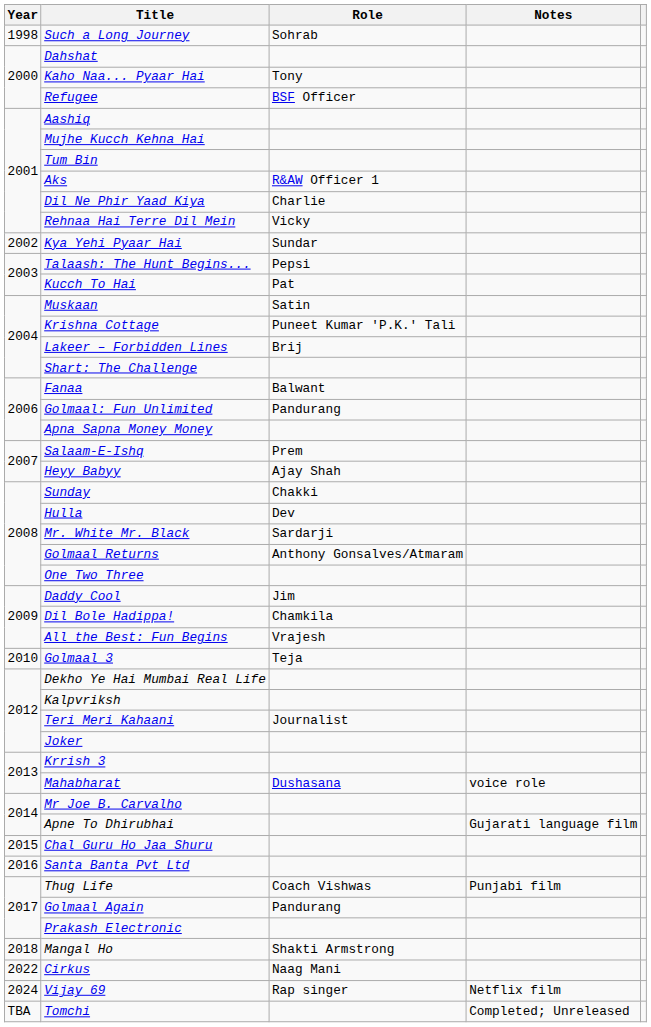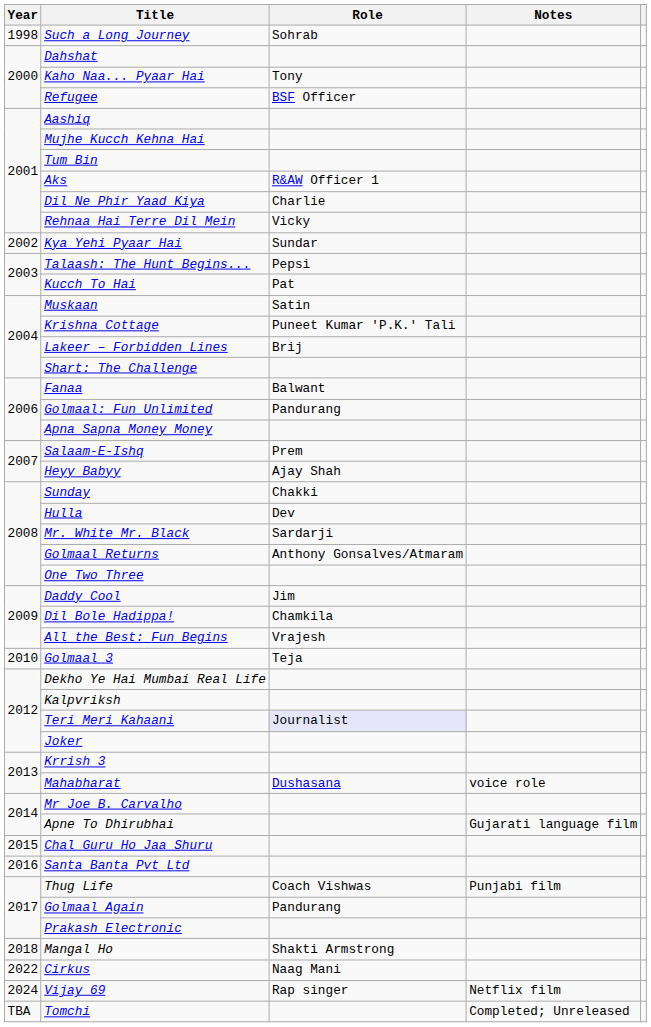 <table class="wikitable">
 <tr>
 <th>Year</th>
 <th>Title</th>
 <th>Role</th>
 <th>Notes</th>
 <th scope="col" class="unsortable" ></th>
 </tr>
 <tr>
 <td>1998</td>
 <td><em><a href='#'>Such a Long Journey</a></em></td>
 <td>Sohrab</td>
 <td></td>
 <td></td>
 </tr>
 <tr>
 <td rowspan="3">2000</td>
 <td><em><a href='#'>Dahshat</a></em></td>
 <td></td>
 <td></td>
 <td></td>
 </tr>
 <tr>
 <td><em><a href='#'>Kaho Naa... Pyaar Hai</a></em></td>
 <td>Tony</td>
 <td></td>
 <td></td>
 </tr>
 <tr>
 <td><em><a href='#'>Refugee</a></em></td>
 <td><a href='#'>BSF</a> Officer</td>
 <td></td>
 <td></td>
 </tr>
 <tr>
 <td rowspan="6">2001</td>
 <td><em><a href='#'>Aashiq</a></em></td>
 <td></td>
 <td></td>
 <td></td>
 </tr>
 <tr>
 <td><em><a href='#'>Mujhe Kucch Kehna Hai</a></em></td>
 <td></td>
 <td></td>
 <td></td>
 </tr>
 <tr>
 <td><em><a href='#'>Tum Bin</a></em></td>
 <td></td>
 <td></td>
 <td></td>
 </tr>
 <tr>
 <td><em><a href='#'>Aks</a></em></td>
 <td><a href='#'>R&AW</a> Officer 1</td>
 <td></td>
 <td></td>
 </tr>
 <tr>
 <td><em><a href='#'>Dil Ne Phir Yaad Kiya</a></em></td>
 <td>Charlie</td>
 <td></td>
 <td></td>
 </tr>
 <tr>
 <td><em><a href='#'>Rehnaa Hai Terre Dil Mein</a></em></td>
 <td>Vicky</td>
 <td></td>
 <td></td>
 </tr>
 <tr>
 <td>2002</td>
 <td><em><a href='#'>Kya Yehi Pyaar Hai</a></em></td>
 <td>Sundar</td>
 <td></td>
 <td></td>
 </tr>
 <tr>
 <td rowspan="2">2003</td>
 <td><em><a href='#'>Talaash: The Hunt Begins...</a></em></td>
 <td>Pepsi</td>
 <td></td>
 <td></td>
 </tr>
 <tr>
 <td><em><a href='#'>Kucch To Hai</a></em></td>
 <td>Pat</td>
 <td></td>
 <td></td>
 </tr>
 <tr>
 <td rowspan="4">2004</td>
 <td><em><a href='#'>Muskaan</a></em></td>
 <td>Satin</td>
 <td></td>
 <td></td>
 </tr>
 <tr>
 <td><em><a href='#'>Krishna Cottage</a></em></td>
 <td>Puneet Kumar 'P.K.' Tali</td>
 <td></td>
 <td></td>
 </tr>
 <tr>
 <td><em><a href='#'>Lakeer – Forbidden Lines</a></em></td>
 <td>Brij</td>
 <td></td>
 <td></td>
 </tr>
 <tr>
 <td><em><a href='#'>Shart: The Challenge</a></em></td>
 <td></td>
 <td></td>
 <td></td>
 </tr>
 <tr>
 <td rowspan="3">2006</td>
 <td><em><a href='#'>Fanaa</a></em></td>
 <td>Balwant</td>
 <td></td>
 <td></td>
 </tr>
 <tr>
 <td><em><a href='#'>Golmaal: Fun Unlimited</a></em></td>
 <td>Pandurang</td>
 <td></td>
 <td></td>
 </tr>
 <tr>
 <td><em><a href='#'>Apna Sapna Money Money</a></em></td>
 <td></td>
 <td></td>
 <td></td>
 </tr>
 <tr>
 <td rowspan="2">2007</td>
 <td><em><a href='#'>Salaam-E-Ishq</a></em></td>
 <td>Prem</td>
 <td></td>
 <td></td>
 </tr>
 <tr>
 <td><em><a href='#'>Heyy Babyy</a></em></td>
 <td>Ajay Shah</td>
 <td></td>
 <td></td>
 </tr>
 <tr>
 <td rowspan="5">2008</td>
 <td><em><a href='#'>Sunday</a></em></td>
 <td>Chakki</td>
 <td></td>
 <td></td>
 </tr>
 <tr>
 <td><em><a href='#'>Hulla</a></em></td>
 <td>Dev</td>
 <td></td>
 <td></td>
 </tr>
 <tr>
 <td><em><a href='#'>Mr. White Mr. Black</a></em></td>
 <td>Sardarji</td>
 <td></td>
 <td></td>
 </tr>
 <tr>
 <td><em><a href='#'>Golmaal Returns</a></em></td>
 <td>Anthony Gonsalves/Atmaram</td>
 <td></td>
 <td></td>
 </tr>
 <tr>
 <td><em><a href='#'>One Two Three</a></em></td>
 <td></td>
 <td></td>
 <td></td>
 </tr>
 <tr>
 <td rowspan="3">2009</td>
 <td><em><a href='#'>Daddy Cool</a></em></td>
 <td>Jim</td>
 <td></td>
 <td></td>
 </tr>
 <tr>
 <td><em><a href='#'>Dil Bole Hadippa!</a></em></td>
 <td>Chamkila</td>
 <td></td>
 </tr>
 <tr>
 <td><em><a href='#'>All the Best: Fun Begins</a></em></td>
 <td>Vrajesh</td>
 <td></td>
 <td></td>
 </tr>
 <tr>
 <td>2010</td>
 <td><em><a href='#'>Golmaal 3</a></em></td>
 <td>Teja</td>
 <td></td>
 <td></td>
 </tr>
 <tr>
 <td rowspan="4">2012</td>
 <td><em>Dekho Ye Hai Mumbai Real Life</em></td>
 <td></td>
 <td></td>
 <td></td>
 </tr>
 <tr>
 <td><em>Kalpvriksh</em></td>
 <td></td>
 <td></td>
 <td></td>
 </tr>
 <tr>
 <td><em><a href='#'>Teri Meri Kahaani</a></em></td>
-<td>Journalist</td>
+<td style="background: lavender;">Journalist</td>
 <td></td>
 <td></td>
 </tr>
 <tr>
 <td><em><a href='#'>Joker</a></em></td>
 <td></td>
 <td></td>
 <td></td>
 </tr>
 <tr>
 <td rowspan="2">2013</td>
 <td><em><a href='#'>Krrish 3</a></em></td>
 <td></td>
 <td></td>
 <td></td>
 </tr>
 <tr>
 <td><em><a href='#'>Mahabharat</a></em></td>
 <td><a href='#'>Dushasana</a></td>
 <td>voice role</td>
 <td></td>
 </tr>
 <tr>
 <td rowspan="2">2014</td>
 <td><em><a href='#'>Mr Joe B. Carvalho</a></em></td>
 <td></td>
 <td></td>
 <td></td>
 </tr>
 <tr>
 <td><em>Apne To Dhirubhai</em></td>
 <td></td>
 <td>Gujarati language film</td>
 <td></td>
 </tr>
 <tr>
 <td>2015</td>
 <td><em><a href='#'>Chal Guru Ho Jaa Shuru</a></em></td>
 <td></td>
 <td></td>
 <td></td>
 </tr>
 <tr>
 <td>2016</td>
 <td><em><a href='#'>Santa Banta Pvt Ltd</a></em></td>
 <td></td>
 <td></td>
 <td></td>
 </tr>
 <tr>
 <td rowspan=3>2017</td>
 <td><em>Thug Life</em></td>
 <td>Coach Vishwas</td>
 <td>Punjabi film</td>
 <td></td>
 </tr>
 <tr>
 <td><em><a href='#'>Golmaal Again</a></em></td>
 <td>Pandurang</td>
 <td></td>
 <td></td>
 </tr>
 <tr>
 <td><em><a href='#'>Prakash Electronic</a></em></td>
 <td></td>
 <td></td>
 <td></td>
 </tr>
 <tr>
 <td>2018</td>
 <td><em>Mangal Ho</em></td>
 <td>Shakti Armstrong</td>
 <td></td>
 <td></td>
 </tr>
 <tr>
 <td>2022</td>
 <td><em><a href='#'>Cirkus</a></em></td>
 <td>Naag Mani</td>
 <td></td>
 <td></td>
 </tr>
 <tr>
 <td>2024</td>
 <td><em><a href='#'>Vijay 69</a></em></td>
 <td>Rap singer</td>
 <td>Netflix film</td>
 <td></td>
 </tr>
 <tr>
 <td>TBA</td>
 <td><em><a href='#'>Tomchi</a></em></td>
 <td></td>
 <td>Completed; Unreleased</td>
 </tr>
 </table>
